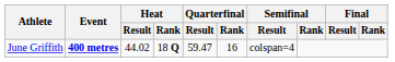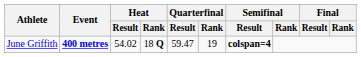 <table class=wikitable style=font-size:90%>
 <tr>
 <th rowspan=2>Athlete</th>
 <th rowspan=2>Event</th>
 <th colspan=2>Heat</th>
 <th colspan=2>Quarterfinal</th>
 <th colspan=2>Semifinal</th>
 <th colspan=2>Final</th>
 </tr>
 <tr style=font-size:95%>
 <th>Result</th>
 <th>Rank</th>
 <th>Result</th>
 <th>Rank</th>
 <th>Result</th>
 <th>Rank</th>
 <th>Result</th>
 <th>Rank</th>
 </tr>
 <tr align=center>
 <td align=left><a href='#'>June Griffith</a></td>
 <td align=left><strong><a href='#'>400 metres</a></strong></td>
-<td>44.02</td>
+<td>54.02</td>
 <td>18 <strong>Q</strong></td>
 <td>59.47</td>
-<td>16</td>
-<td>colspan=4 </td>
+<td>19</td>
+<td><strong>colspan=4 </strong></td>
 </tr>
 </table>
